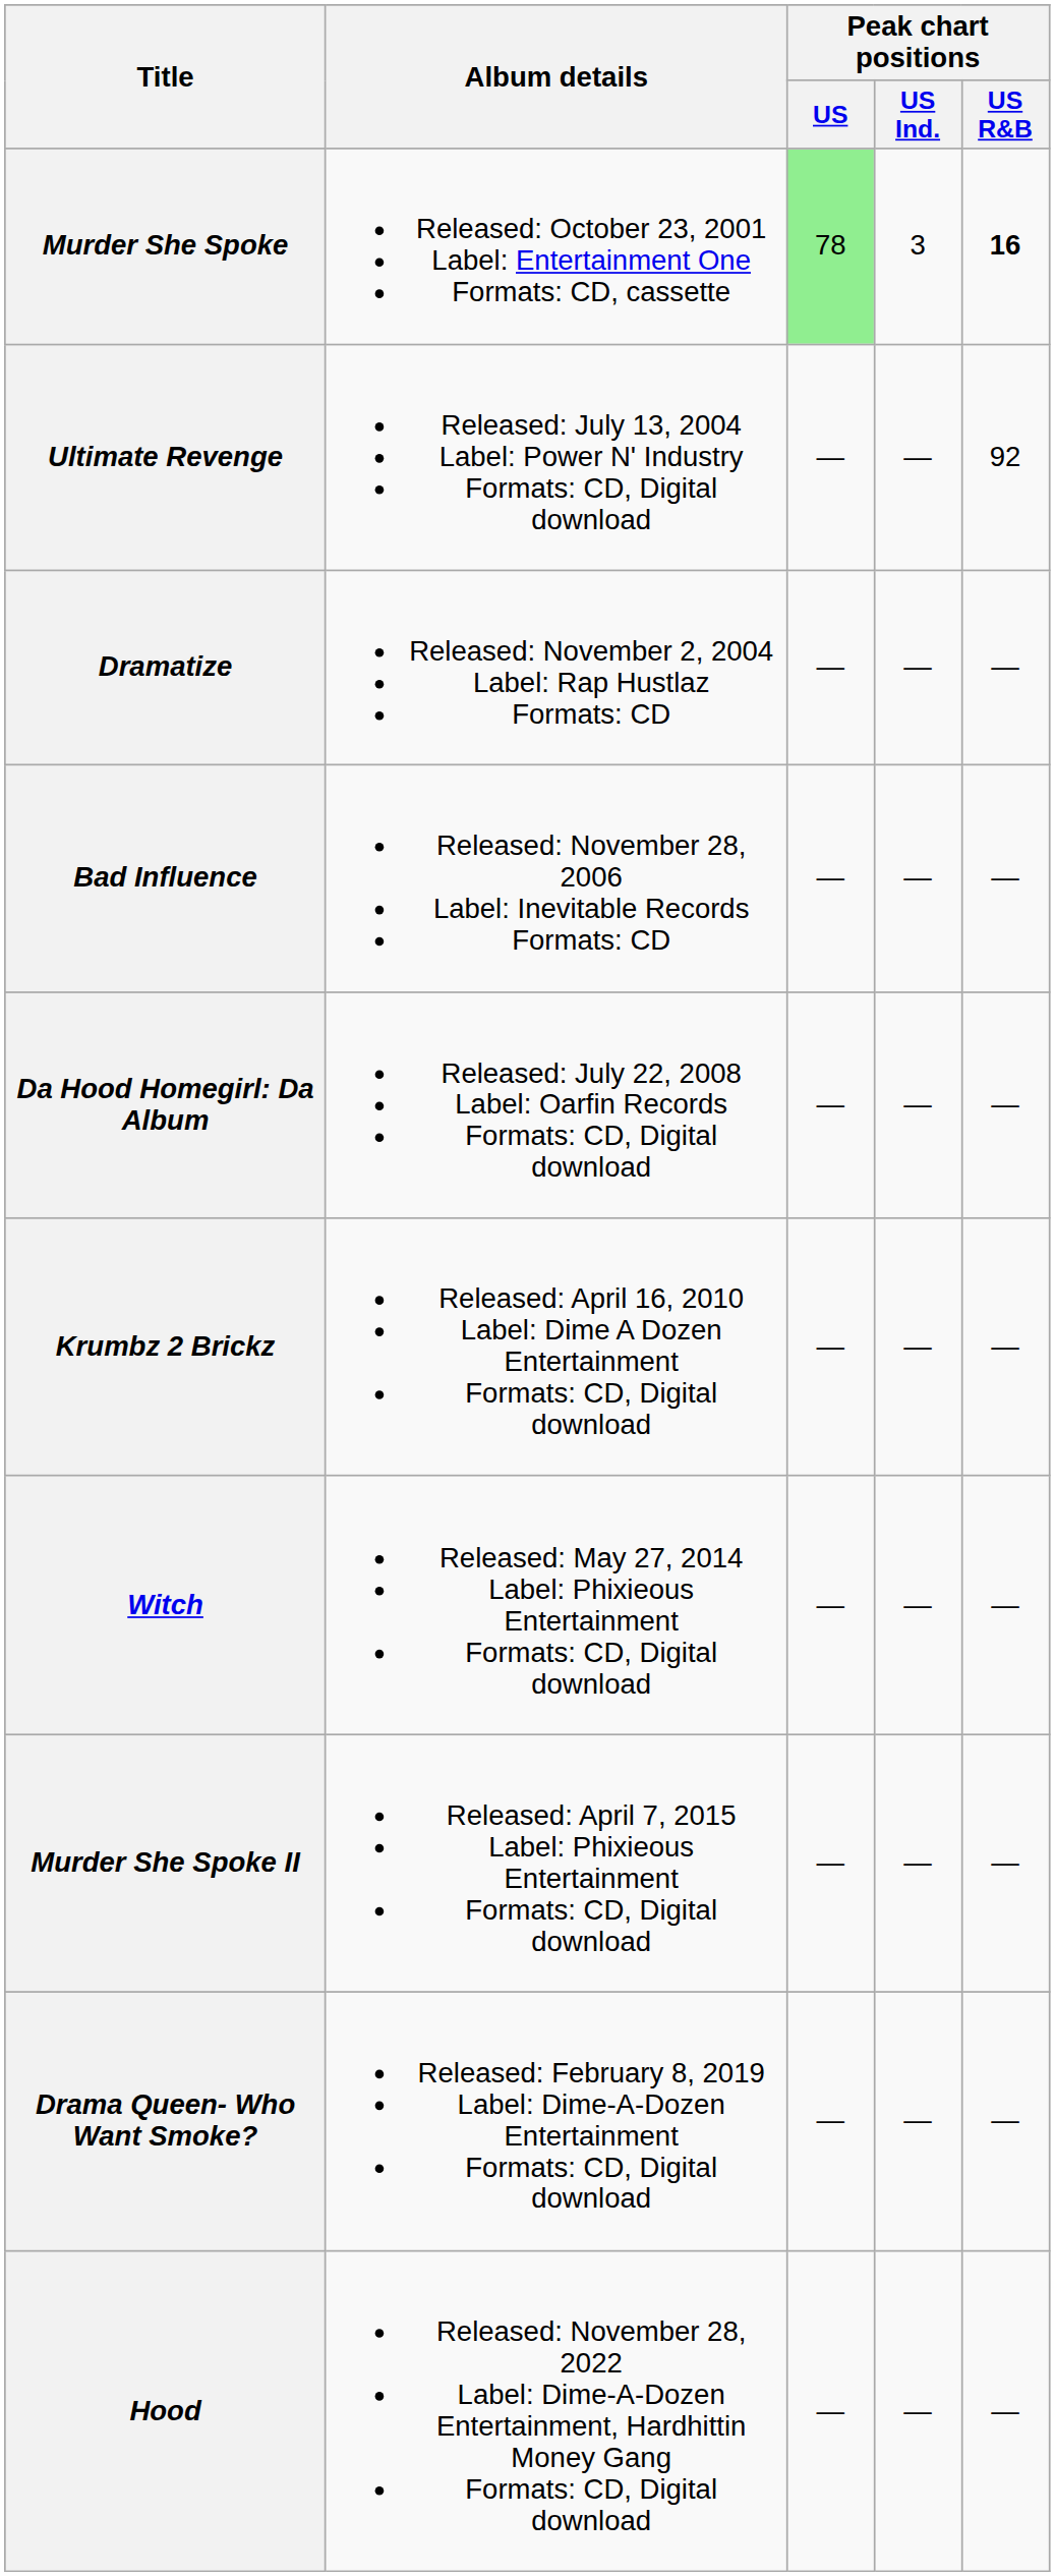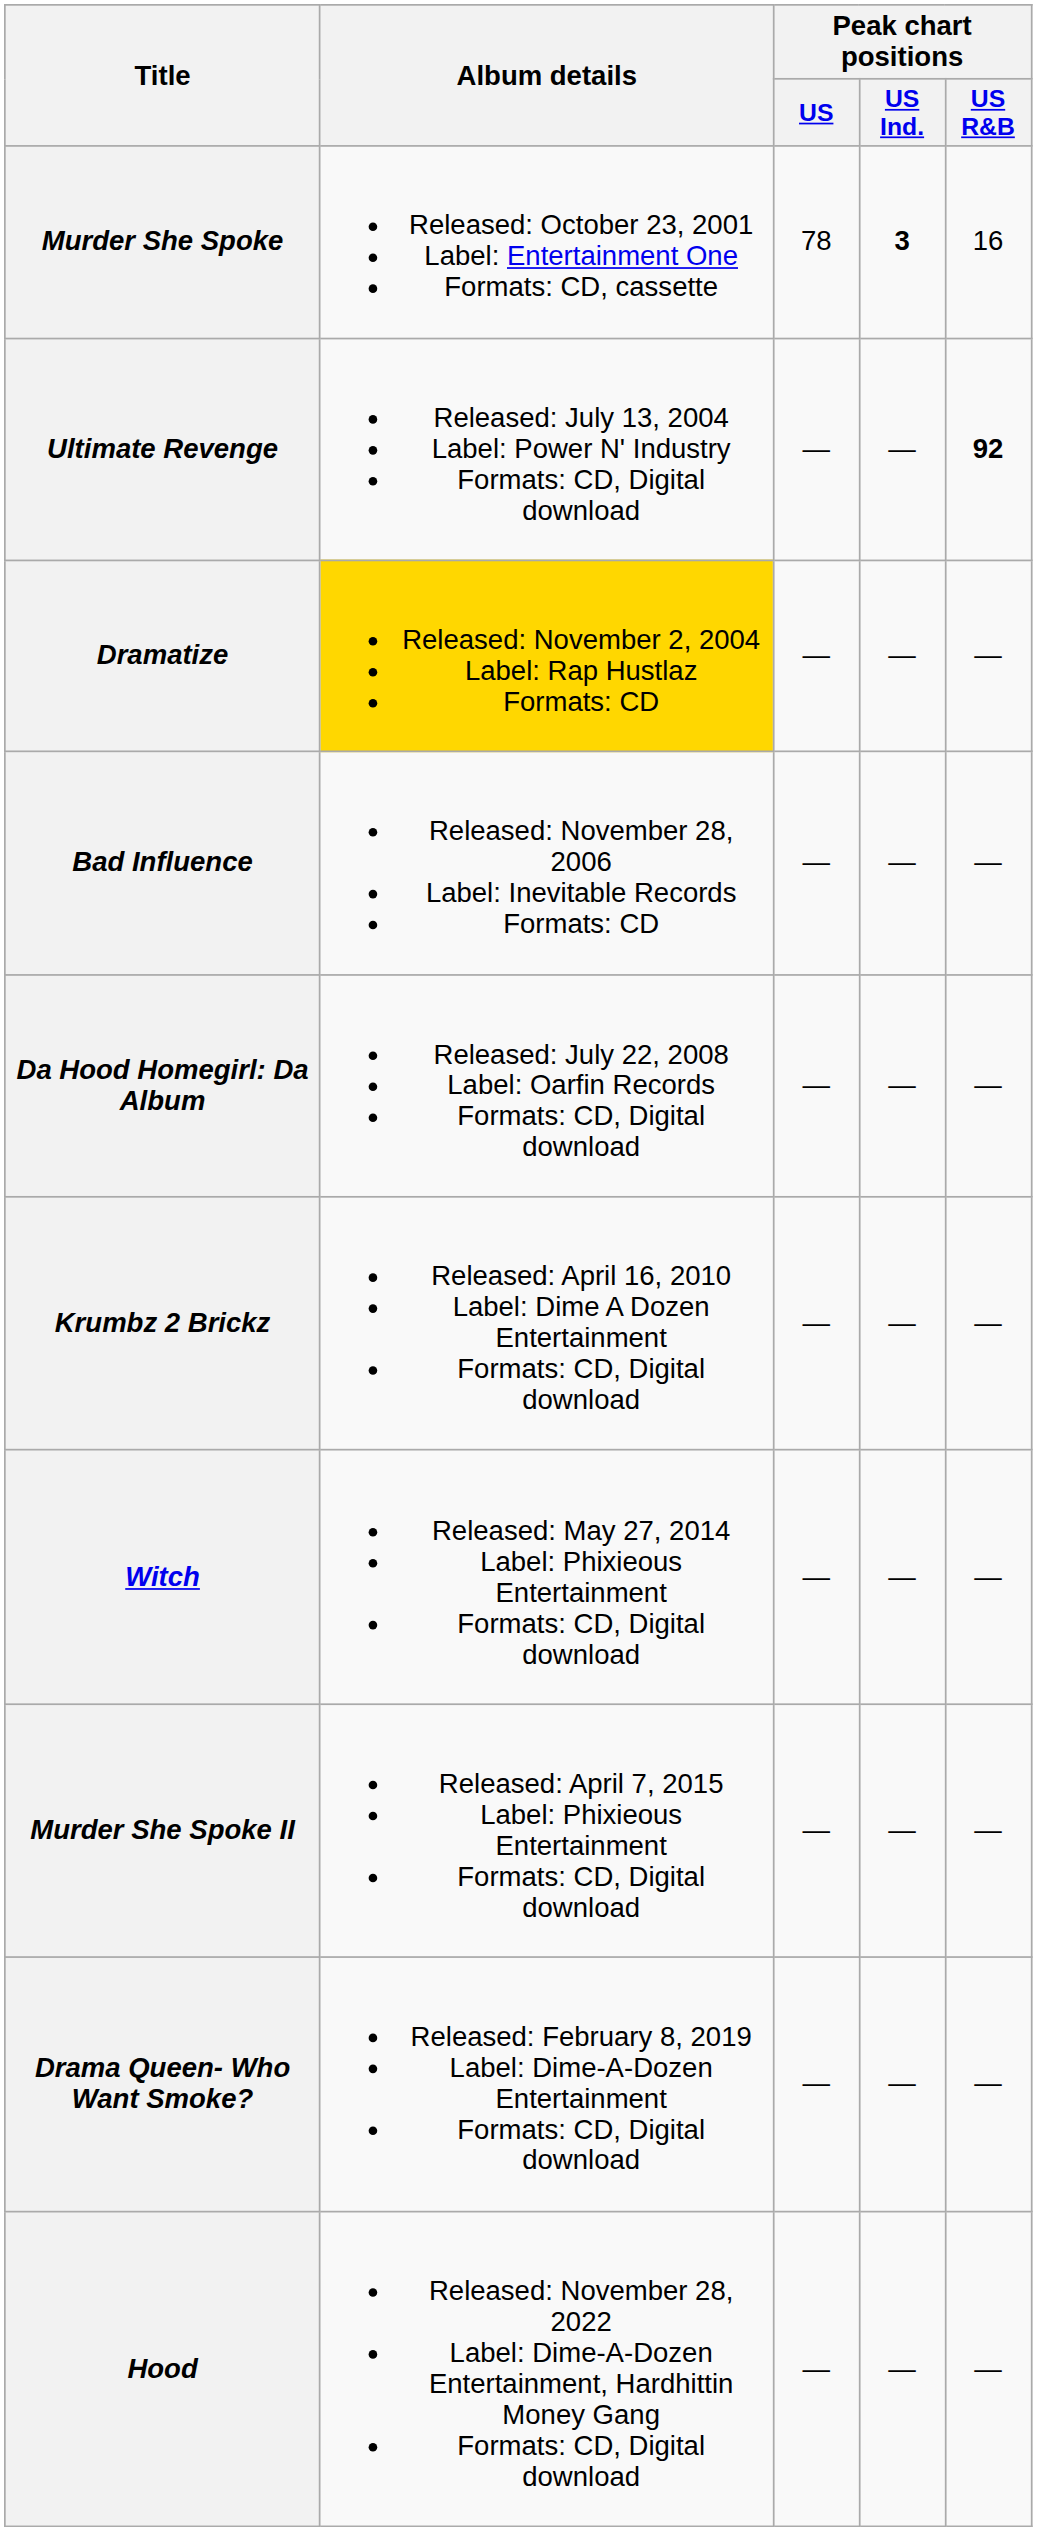 <table class="wikitable plainrowheaders" style="text-align:center;">
 <tr>
 <th scope="col" rowspan="2" style="width:11em;">Title</th>
 <th scope="col" rowspan="2" style="width:16em;">Album details</th>
 <th scope="col" colspan="4">Peak chart positions</th>
 </tr>
 <tr>
 <th scope="col" style="width:3em;font-size:90%;"><a href='#'>US</a><br></th>
 <th scope="col" style="width:3em;font-size:90%;"><a href='#'>US<br>Ind.</a><br></th>
 <th scope="col" style="width:3em;font-size:90%;"><a href='#'>US<br>R&B</a><br></th>
 </tr>
 <tr>
 <th scope="row"><em>Murder She Spoke</em></th>
 <td><br><ul><li>Released: October 23, 2001</li><li>Label: <a href='#'>Entertainment One</a></li><li>Formats: CD, cassette</li></ul></td>
-<td style="background: lightgreen;">78</td>
-<td>3</td>
-<td><strong>16</strong></td>
+<td>78</td>
+<td><strong>3</strong></td>
+<td>16</td>
 </tr>
 <tr>
 <th scope="row"><em>Ultimate Revenge</em></th>
 <td><br><ul><li>Released: July 13, 2004</li><li>Label: Power N' Industry</li><li>Formats: CD, Digital download</li></ul></td>
 <td>—</td>
 <td>—</td>
-<td>92</td>
+<td><strong>92</strong></td>
 </tr>
 <tr>
 <th scope="row"><em>Dramatize</em></th>
-<td><br><ul><li>Released: November 2, 2004</li><li>Label: Rap Hustlaz</li><li>Formats: CD</li></ul></td>
+<td style="background: gold;"><br><ul><li>Released: November 2, 2004</li><li>Label: Rap Hustlaz</li><li>Formats: CD</li></ul></td>
 <td>—</td>
 <td>—</td>
 <td>—</td>
 </tr>
 <tr>
 <th scope="row"><em>Bad Influence</em></th>
 <td><br><ul><li>Released: November 28, 2006</li><li>Label: Inevitable Records</li><li>Formats: CD</li></ul></td>
 <td>—</td>
 <td>—</td>
 <td>—</td>
 </tr>
 <tr>
 <th scope="row"><em>Da Hood Homegirl: Da Album</em></th>
 <td><br><ul><li>Released: July 22, 2008</li><li>Label: Oarfin Records</li><li>Formats: CD, Digital download</li></ul></td>
 <td>—</td>
 <td>—</td>
 <td>—</td>
 </tr>
 <tr>
 <th scope="row"><em>Krumbz 2 Brickz</em></th>
 <td><br><ul><li>Released: April 16, 2010</li><li>Label: Dime A Dozen Entertainment</li><li>Formats: CD, Digital download</li></ul></td>
 <td>—</td>
 <td>—</td>
 <td>—</td>
 </tr>
 <tr>
 <th scope="row"><em><a href='#'>Witch</a></em><br></th>
 <td><br><ul><li>Released: May 27, 2014</li><li>Label: Phixieous Entertainment</li><li>Formats: CD, Digital download</li></ul></td>
 <td>—</td>
 <td>—</td>
 <td>—</td>
 </tr>
 <tr>
 <th scope="row"><em>Murder She Spoke II</em></th>
 <td><br><ul><li>Released: April 7, 2015</li><li>Label: Phixieous Entertainment</li><li>Formats: CD, Digital download</li></ul></td>
 <td>—</td>
 <td>—</td>
 <td>—</td>
 </tr>
 <tr>
 <th scope="row"><em>Drama Queen- Who Want Smoke?</em></th>
 <td><br><ul><li>Released: February 8, 2019</li><li>Label: Dime-A-Dozen Entertainment</li><li>Formats: CD, Digital download</li></ul></td>
 <td>—</td>
 <td>—</td>
 <td>—</td>
 </tr>
 <tr>
 <th scope="row"><em>Hood</em><br></th>
 <td><br><ul><li>Released: November 28, 2022</li><li>Label: Dime-A-Dozen Entertainment, Hardhittin Money Gang</li><li>Formats: CD, Digital download</li></ul></td>
 <td>—</td>
 <td>—</td>
 <td>—</td>
 </tr>
 </table>
